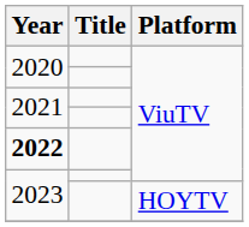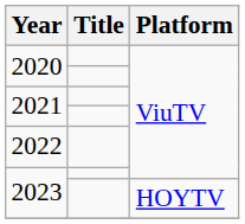 <table class="wikitable plainrowheaders">
 <tr>
 <th scope="col">Year</th>
 <th scope="col">Title</th>
 <th scope="col">Platform</th>
 </tr>
 <tr>
 <td rowspan="2">2020</td>
 <td><em></em></td>
 <td rowspan="6"><a href='#'>ViuTV</a></td>
 </tr>
 <tr>
 <td><em></em></td>
 </tr>
 <tr>
 <td rowspan="2">2021</td>
 <td><em></em></td>
 </tr>
 <tr>
 <td><em></em></td>
 </tr>
 <tr>
-<td><strong>2022</strong></td>
+<td>2022</td>
 <td><em></em></td>
 </tr>
 <tr>
 <td rowspan="2">2023</td>
 <td><em></em></td>
 </tr>
 <tr>
 <td><em></em></td>
 <td><a href='#'>HOYTV</a></td>
 </tr>
 <tr>
 </tr>
 </table>
